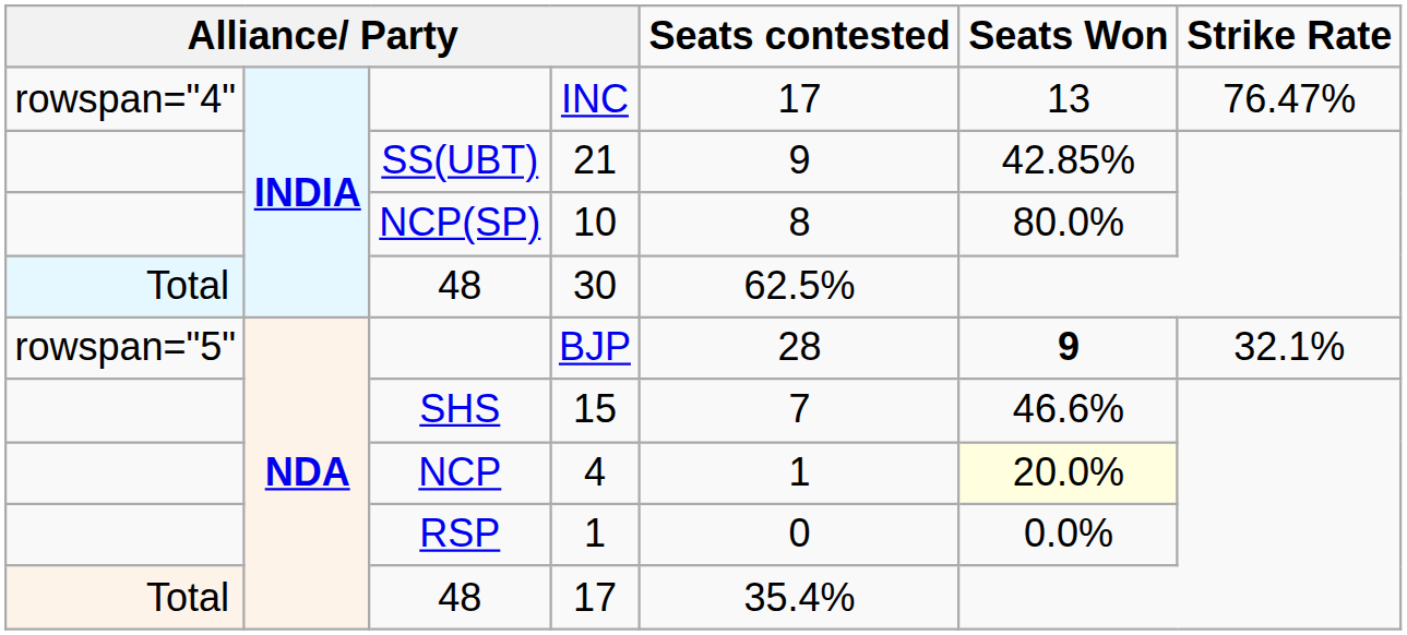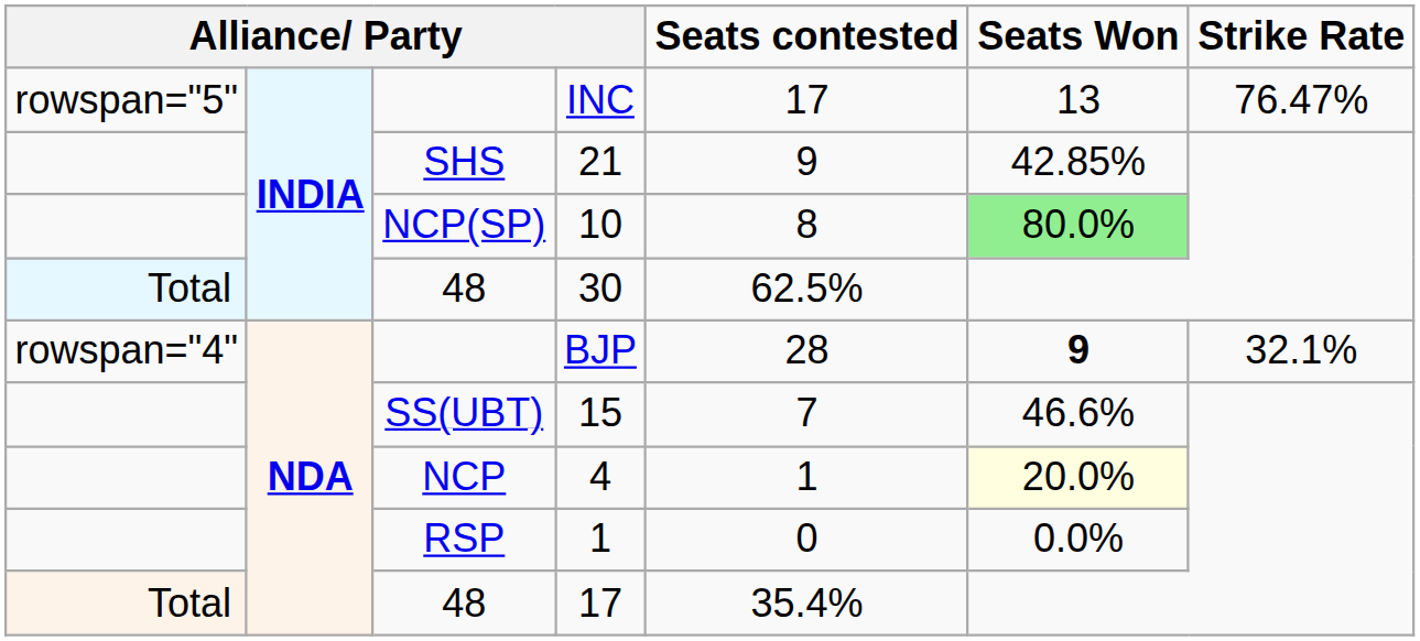 <table class="wikitable sortable" style="text-align:center;">
 <tr>
 <th colspan="4">Alliance/ Party</th>
 <td><strong>Seats contested</strong></td>
 <td><strong>Seats Won</strong></td>
 <td><strong>Strike Rate</strong></td>
 </tr>
 <tr>
-<td>rowspan="4" </td>
+<td>rowspan="5" </td>
 <th rowspan="4" style="background:#E5F8FF"><a href='#'>INDIA</a></th>
 <td></td>
 <td><a href='#'>INC</a></td>
 <td>17</td>
 <td>13</td>
 <td>76.47%</td>
 </tr>
 <tr>
 <td></td>
-<td><a href='#'>SS(UBT)</a></td>
+<td><a href='#'>SHS</a></td>
 <td>21</td>
 <td>9</td>
 <td>42.85%</td>
 </tr>
 <tr>
 <td></td>
 <td><a href='#'>NCP(SP)</a></td>
 <td>10</td>
 <td>8</td>
-<td>80.0%</td>
+<td style="background: lightgreen;">80.0%</td>
 </tr>
 <tr>
 <td colspan="2" style="background:#E5F8FF">Total</td>
 <td>48</td>
 <td>30</td>
 <td>62.5%</td>
 </tr>
 <tr>
-<td>rowspan="5" </td>
+<td>rowspan="4" </td>
 <th rowspan="5" style="background:#fef3e8"><a href='#'>NDA</a></th>
 <td></td>
 <td><a href='#'>BJP</a></td>
 <td>28</td>
 <td><strong>9</strong></td>
 <td>32.1%</td>
 </tr>
 <tr>
 <td></td>
-<td><a href='#'>SHS</a></td>
+<td><a href='#'>SS(UBT)</a></td>
 <td>15</td>
 <td>7</td>
 <td>46.6%</td>
 </tr>
 <tr>
 <td></td>
 <td><a href='#'>NCP</a></td>
 <td>4</td>
 <td>1</td>
 <td style="background: lightyellow;">20.0%</td>
 </tr>
 <tr>
 <td></td>
 <td><a href='#'>RSP</a></td>
 <td>1</td>
 <td>0</td>
 <td>0.0%</td>
 </tr>
 <tr>
 <td colspan="2" style="background:#fef3e8">Total</td>
 <td>48</td>
 <td>17</td>
 <td>35.4%</td>
 </tr>
 </table>
